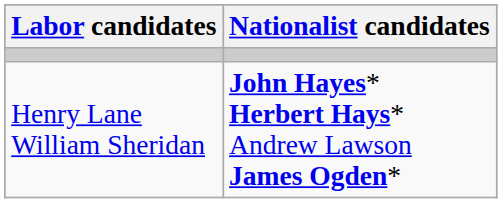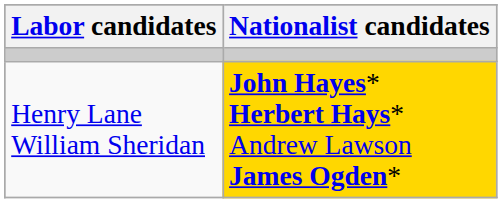 <table class="wikitable">
 <tr>
 <th><a href='#'>Labor</a> candidates</th>
 <th><a href='#'>Nationalist</a> candidates</th>
 </tr>
 <tr bgcolor="#cccccc">
 <td></td>
 <td></td>
 </tr>
 <tr>
 <td><a href='#'>Henry Lane</a><br><a href='#'>William Sheridan</a></td>
-<td><strong><a href='#'>John Hayes</a></strong>*<br><strong><a href='#'>Herbert Hays</a></strong>*<br><a href='#'>Andrew Lawson</a><br><strong><a href='#'>James Ogden</a></strong>*</td>
+<td style="background: gold;"><strong><a href='#'>John Hayes</a></strong>*<br><strong><a href='#'>Herbert Hays</a></strong>*<br><a href='#'>Andrew Lawson</a><br><strong><a href='#'>James Ogden</a></strong>*</td>
 </tr>
 </table>
